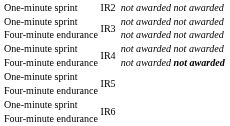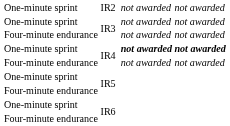 <table>
 <tr>
 <td>One-minute sprint</td>
 <td>IR2</td>
 <td nowrap></td>
 <td><em>not awarded</em></td>
 <td><em>not awarded</em></td>
 </tr>
 <tr>
 <td rowspan=2>One-minute sprint</td>
 <td rowspan=4>IR3</td>
 <td></td>
 <td rowspan=2><em>not awarded</em></td>
 <td rowspan=2><em>not awarded</em></td>
 </tr>
 <tr>
 <td></td>
 </tr>
 <tr>
 <td rowspan=2>Four-minute endurance</td>
 <td></td>
 <td rowspan=2><em>not awarded</em></td>
 <td rowspan=2><em>not awarded</em></td>
 </tr>
 <tr>
 <td></td>
 </tr>
 <tr>
 <td>One-minute sprint</td>
 <td rowspan=2>IR4</td>
 <td></td>
-<td><em>not awarded</em></td>
-<td><em>not awarded</em></td>
+<td><strong><em>not awarded</em></strong></td>
+<td><strong><em>not awarded</em></strong></td>
 </tr>
 <tr>
 <td>Four-minute endurance</td>
 <td></td>
 <td><em>not awarded</em></td>
-<td><strong><em>not awarded</em></strong></td>
+<td><em>not awarded</em></td>
 </tr>
 <tr>
 <td>One-minute sprint</td>
 <td rowspan=2>IR5</td>
 <td></td>
 <td nowrap></td>
 <td></td>
 </tr>
 <tr>
 <td>Four-minute endurance</td>
 <td></td>
 <td></td>
 <td></td>
 </tr>
 <tr>
 <td>One-minute sprint</td>
 <td rowspan=2>IR6</td>
 <td></td>
 <td></td>
 <td nowrap></td>
 </tr>
 <tr>
 <td>Four-minute endurance</td>
 <td></td>
 <td></td>
 <td></td>
 </tr>
 </table>
